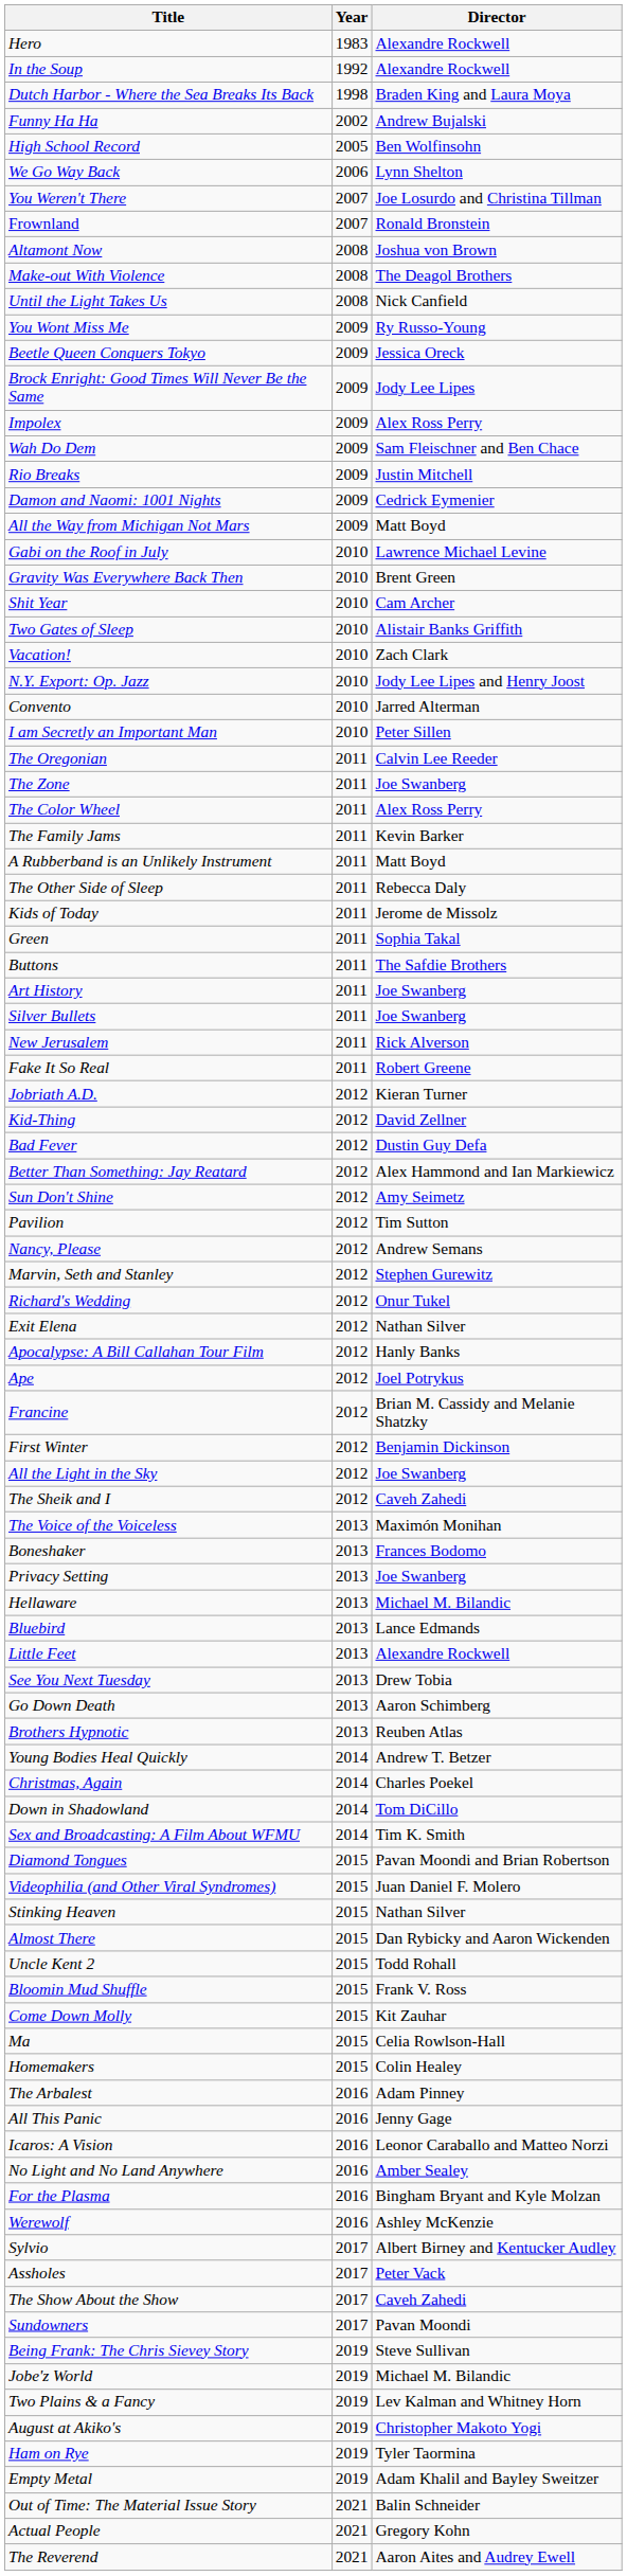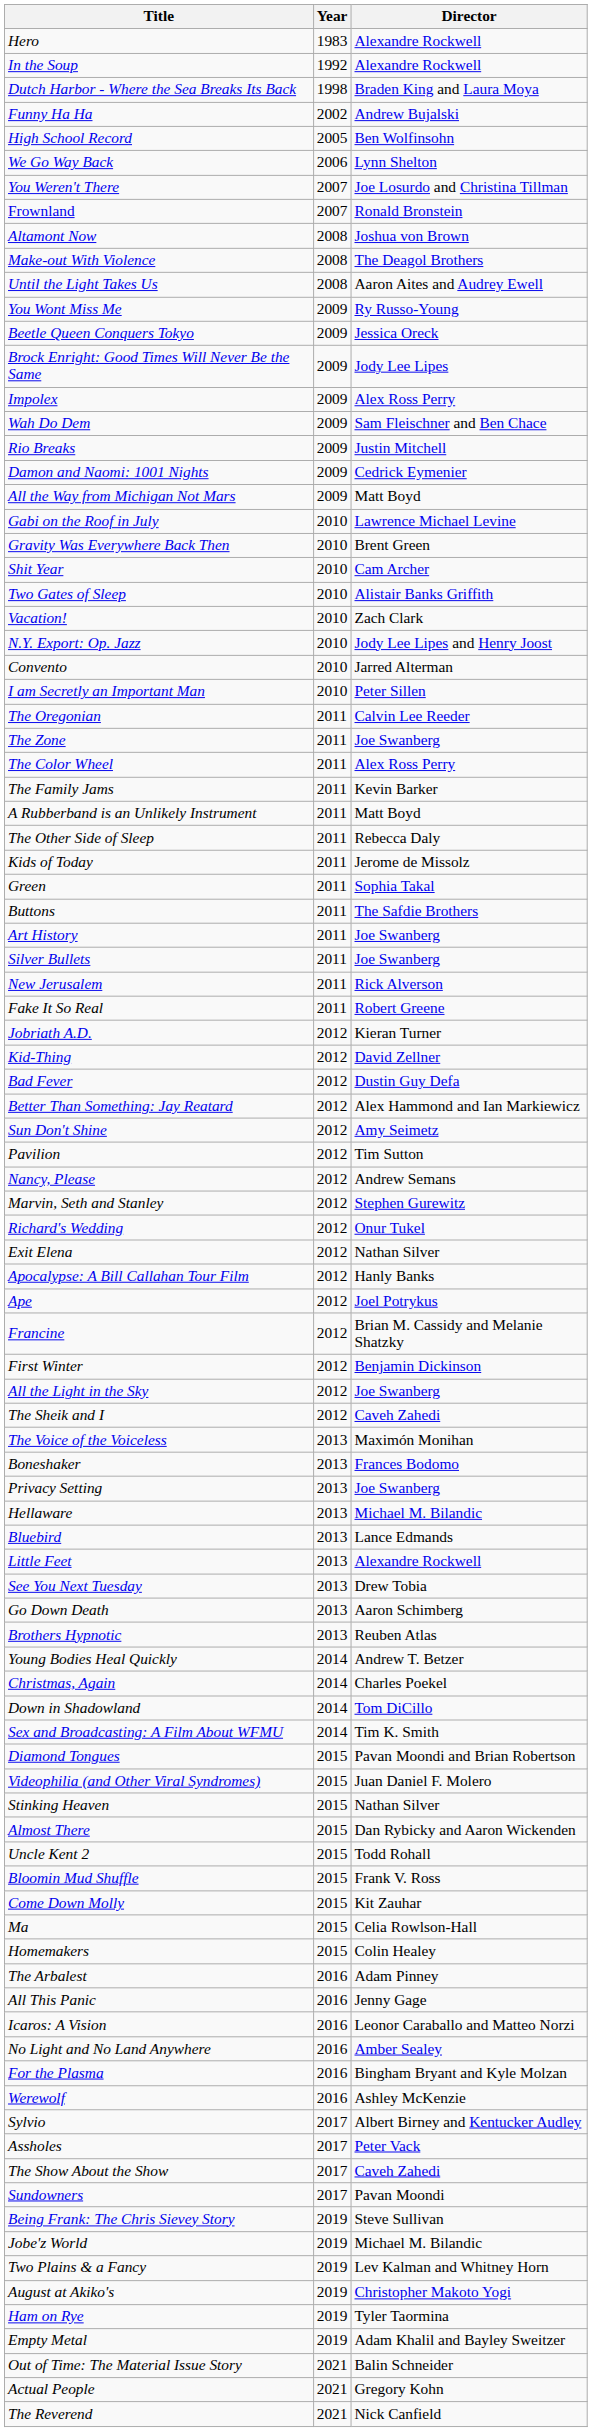 <table class="wikitable">
 <tr>
 <th>Title</th>
 <th>Year</th>
 <th>Director</th>
 </tr>
 <tr>
 <td><em>Hero</em></td>
 <td>1983</td>
 <td><a href='#'>Alexandre Rockwell</a></td>
 </tr>
 <tr>
 <td><em><a href='#'>In the Soup</a></em></td>
 <td>1992</td>
 <td><a href='#'>Alexandre Rockwell</a></td>
 </tr>
 <tr>
 <td><em><a href='#'>Dutch Harbor - Where the Sea Breaks Its Back</a></em></td>
 <td>1998</td>
 <td><a href='#'>Braden King</a> and <a href='#'>Laura Moya</a></td>
 </tr>
 <tr>
 <td><em><a href='#'>Funny Ha Ha</a></em></td>
 <td>2002</td>
 <td><a href='#'>Andrew Bujalski</a></td>
 </tr>
 <tr>
 <td><em><a href='#'>High School Record</a></em></td>
 <td>2005</td>
 <td><a href='#'>Ben Wolfinsohn</a></td>
 </tr>
 <tr>
 <td><em><a href='#'>We Go Way Back</a></em></td>
 <td>2006</td>
 <td><a href='#'>Lynn Shelton</a></td>
 </tr>
 <tr>
 <td><em><a href='#'>You Weren't There</a></em></td>
 <td>2007</td>
 <td><a href='#'>Joe Losurdo</a> and <a href='#'>Christina Tillman</a></td>
 </tr>
 <tr>
 <td><a href='#'>Frownland</a></td>
 <td>2007</td>
 <td><a href='#'>Ronald Bronstein</a></td>
 </tr>
 <tr>
 <td><em><a href='#'>Altamont Now</a></em></td>
 <td>2008</td>
 <td><a href='#'>Joshua von Brown</a></td>
 </tr>
 <tr>
 <td><em><a href='#'>Make-out With Violence</a></em></td>
 <td>2008</td>
 <td><a href='#'>The Deagol Brothers</a></td>
 </tr>
 <tr>
 <td><em><a href='#'>Until the Light Takes Us</a></em></td>
 <td>2008</td>
-<td>Nick Canfield</td>
+<td>Aaron Aites and <a href='#'>Audrey Ewell</a></td>
 </tr>
 <tr>
 <td><em><a href='#'>You Wont Miss Me</a></em></td>
 <td>2009</td>
 <td><a href='#'>Ry Russo-Young</a></td>
 </tr>
 <tr>
 <td><em><a href='#'>Beetle Queen Conquers Tokyo</a></em></td>
 <td>2009</td>
 <td><a href='#'>Jessica Oreck</a></td>
 </tr>
 <tr>
 <td><em><a href='#'>Brock Enright: Good Times Will Never Be the Same</a></em></td>
 <td>2009</td>
 <td><a href='#'>Jody Lee Lipes</a></td>
 </tr>
 <tr>
 <td><em><a href='#'>Impolex</a></em></td>
 <td>2009</td>
 <td><a href='#'>Alex Ross Perry</a></td>
 </tr>
 <tr>
 <td><em><a href='#'>Wah Do Dem</a></em></td>
 <td>2009</td>
 <td><a href='#'>Sam Fleischner</a> and <a href='#'>Ben Chace</a></td>
 </tr>
 <tr>
 <td><em><a href='#'>Rio Breaks</a></em></td>
 <td>2009</td>
 <td><a href='#'>Justin Mitchell</a></td>
 </tr>
 <tr>
 <td><em><a href='#'>Damon and Naomi: 1001 Nights</a></em></td>
 <td>2009</td>
 <td><a href='#'>Cedrick Eymenier</a></td>
 </tr>
 <tr>
 <td><em><a href='#'>All the Way from Michigan Not Mars</a></em></td>
 <td>2009</td>
 <td>Matt Boyd</td>
 </tr>
 <tr>
 <td><em><a href='#'>Gabi on the Roof in July</a></em></td>
 <td>2010</td>
 <td><a href='#'>Lawrence Michael Levine</a></td>
 </tr>
 <tr>
 <td><em><a href='#'>Gravity Was Everywhere Back Then</a></em></td>
 <td>2010</td>
 <td>Brent Green</td>
 </tr>
 <tr>
 <td><em><a href='#'>Shit Year</a></em></td>
 <td>2010</td>
 <td><a href='#'>Cam Archer</a></td>
 </tr>
 <tr>
 <td><em><a href='#'>Two Gates of Sleep</a></em></td>
 <td>2010</td>
 <td><a href='#'>Alistair Banks Griffith</a></td>
 </tr>
 <tr>
 <td><em><a href='#'>Vacation!</a></em></td>
 <td>2010</td>
 <td>Zach Clark</td>
 </tr>
 <tr>
 <td><em><a href='#'>N.Y. Export: Op. Jazz</a></em></td>
 <td>2010</td>
 <td><a href='#'>Jody Lee Lipes</a> and <a href='#'>Henry Joost</a></td>
 </tr>
 <tr>
 <td><em>Convento</em></td>
 <td>2010</td>
 <td>Jarred Alterman</td>
 </tr>
 <tr>
 <td><em><a href='#'>I am Secretly an Important Man</a></em></td>
 <td>2010</td>
 <td><a href='#'>Peter Sillen</a></td>
 </tr>
 <tr>
 <td><em><a href='#'>The Oregonian</a></em></td>
 <td>2011</td>
 <td><a href='#'>Calvin Lee Reeder</a></td>
 </tr>
 <tr>
 <td><em><a href='#'>The Zone</a></em></td>
 <td>2011</td>
 <td><a href='#'>Joe Swanberg</a></td>
 </tr>
 <tr>
 <td><em><a href='#'>The Color Wheel</a></em></td>
 <td>2011</td>
 <td><a href='#'>Alex Ross Perry</a></td>
 </tr>
 <tr>
 <td><em>The Family Jams</em></td>
 <td>2011</td>
 <td>Kevin Barker</td>
 </tr>
 <tr>
 <td><em>A Rubberband is an Unlikely Instrument</em></td>
 <td>2011</td>
 <td>Matt Boyd</td>
 </tr>
 <tr>
 <td><em>The Other Side of Sleep</em></td>
 <td>2011</td>
 <td>Rebecca Daly</td>
 </tr>
 <tr>
 <td><em>Kids of Today</em></td>
 <td>2011</td>
 <td>Jerome de Missolz</td>
 </tr>
 <tr>
 <td><em>Green</em></td>
 <td>2011</td>
 <td><a href='#'>Sophia Takal</a></td>
 </tr>
 <tr>
 <td><em>Buttons</em></td>
 <td>2011</td>
 <td><a href='#'>The Safdie Brothers</a></td>
 </tr>
 <tr>
 <td><em><a href='#'>Art History</a></em></td>
 <td>2011</td>
 <td><a href='#'>Joe Swanberg</a></td>
 </tr>
 <tr>
 <td><em><a href='#'>Silver Bullets</a></em></td>
 <td>2011</td>
 <td><a href='#'>Joe Swanberg</a></td>
 </tr>
 <tr>
 <td><em><a href='#'>New Jerusalem</a></em></td>
 <td>2011</td>
 <td><a href='#'>Rick Alverson</a></td>
 </tr>
 <tr>
 <td><em>Fake It So Real</em></td>
 <td>2011</td>
 <td><a href='#'>Robert Greene</a></td>
 </tr>
 <tr>
 <td><em><a href='#'>Jobriath A.D.</a></em></td>
 <td>2012</td>
 <td>Kieran Turner</td>
 </tr>
 <tr>
 <td><em><a href='#'>Kid-Thing</a></em></td>
 <td>2012</td>
 <td><a href='#'>David Zellner</a></td>
 </tr>
 <tr>
 <td><em><a href='#'>Bad Fever</a></em></td>
 <td>2012</td>
 <td><a href='#'>Dustin Guy Defa</a></td>
 </tr>
 <tr>
 <td><em><a href='#'>Better Than Something: Jay Reatard</a></em></td>
 <td>2012</td>
 <td>Alex Hammond and Ian Markiewicz</td>
 </tr>
 <tr>
 <td><em><a href='#'>Sun Don't Shine</a></em></td>
 <td>2012</td>
 <td><a href='#'>Amy Seimetz</a></td>
 </tr>
 <tr>
 <td><em>Pavilion</em></td>
 <td>2012</td>
 <td>Tim Sutton</td>
 </tr>
 <tr>
 <td><em><a href='#'>Nancy, Please</a></em></td>
 <td>2012</td>
 <td>Andrew Semans</td>
 </tr>
 <tr>
 <td><em>Marvin, Seth and Stanley</em></td>
 <td>2012</td>
 <td><a href='#'>Stephen Gurewitz</a></td>
 </tr>
 <tr>
 <td><em><a href='#'>Richard's Wedding</a></em></td>
 <td>2012</td>
 <td><a href='#'>Onur Tukel</a></td>
 </tr>
 <tr>
 <td><em>Exit Elena</em></td>
 <td>2012</td>
 <td>Nathan Silver</td>
 </tr>
 <tr>
 <td><em><a href='#'>Apocalypse: A Bill Callahan Tour Film</a></em></td>
 <td>2012</td>
 <td>Hanly Banks</td>
 </tr>
 <tr>
 <td><em><a href='#'>Ape</a></em></td>
 <td>2012</td>
 <td><a href='#'>Joel Potrykus</a></td>
 </tr>
 <tr>
 <td><em><a href='#'>Francine</a></em></td>
 <td>2012</td>
 <td>Brian M. Cassidy and Melanie Shatzky</td>
 </tr>
 <tr>
 <td><em>First Winter</em></td>
 <td>2012</td>
 <td><a href='#'>Benjamin Dickinson</a></td>
 </tr>
 <tr>
 <td><em><a href='#'>All the Light in the Sky</a></em></td>
 <td>2012</td>
 <td><a href='#'>Joe Swanberg</a></td>
 </tr>
 <tr>
 <td><em>The Sheik and I</em></td>
 <td>2012</td>
 <td><a href='#'>Caveh Zahedi</a></td>
 </tr>
 <tr>
 <td><em><a href='#'>The Voice of the Voiceless</a></em></td>
 <td>2013</td>
 <td>Maximón Monihan</td>
 </tr>
 <tr>
 <td><em>Boneshaker</em></td>
 <td>2013</td>
 <td><a href='#'>Frances Bodomo</a></td>
 </tr>
 <tr>
 <td><em>Privacy Setting</em></td>
 <td>2013</td>
 <td><a href='#'>Joe Swanberg</a></td>
 </tr>
 <tr>
 <td><em>Hellaware</em></td>
 <td>2013</td>
 <td><a href='#'>Michael M. Bilandic</a></td>
 </tr>
 <tr>
 <td><em><a href='#'>Bluebird</a></em></td>
 <td>2013</td>
 <td>Lance Edmands</td>
 </tr>
 <tr>
 <td><em><a href='#'>Little Feet</a></em></td>
 <td>2013</td>
 <td><a href='#'>Alexandre Rockwell</a></td>
 </tr>
 <tr>
 <td><em><a href='#'>See You Next Tuesday</a></em></td>
 <td>2013</td>
 <td>Drew Tobia</td>
 </tr>
 <tr>
 <td><em>Go Down Death</em></td>
 <td>2013</td>
 <td>Aaron Schimberg</td>
 </tr>
 <tr>
 <td><em><a href='#'>Brothers Hypnotic</a></em></td>
 <td>2013</td>
 <td>Reuben Atlas</td>
 </tr>
 <tr>
 <td><em>Young Bodies Heal Quickly</em></td>
 <td>2014</td>
 <td>Andrew T. Betzer</td>
 </tr>
 <tr>
 <td><em><a href='#'>Christmas, Again</a></em></td>
 <td>2014</td>
 <td>Charles Poekel</td>
 </tr>
 <tr>
 <td><em>Down in Shadowland</em></td>
 <td>2014</td>
 <td><a href='#'>Tom DiCillo</a></td>
 </tr>
 <tr>
 <td><em><a href='#'>Sex and Broadcasting: A Film About WFMU</a></em></td>
 <td>2014</td>
 <td>Tim K. Smith</td>
 </tr>
 <tr>
 <td><em><a href='#'>Diamond Tongues</a></em></td>
 <td>2015</td>
 <td>Pavan Moondi and Brian Robertson</td>
 </tr>
 <tr>
 <td><em><a href='#'>Videophilia (and Other Viral Syndromes)</a></em></td>
 <td>2015</td>
 <td>Juan Daniel F. Molero</td>
 </tr>
 <tr>
 <td><em>Stinking Heaven</em></td>
 <td>2015</td>
 <td>Nathan Silver</td>
 </tr>
 <tr>
 <td><em><a href='#'>Almost There</a></em></td>
 <td>2015</td>
 <td>Dan Rybicky and Aaron Wickenden</td>
 </tr>
 <tr>
 <td><em>Uncle Kent 2</em></td>
 <td>2015</td>
 <td>Todd Rohall</td>
 </tr>
 <tr>
 <td><em><a href='#'>Bloomin Mud Shuffle</a></em></td>
 <td>2015</td>
 <td>Frank V. Ross</td>
 </tr>
 <tr>
 <td><em><a href='#'>Come Down Molly</a></em></td>
 <td>2015</td>
 <td>Kit Zauhar</td>
 </tr>
 <tr>
 <td><em>Ma</em></td>
 <td>2015</td>
 <td>Celia Rowlson-Hall</td>
 </tr>
 <tr>
 <td><em>Homemakers</em></td>
 <td>2015</td>
 <td>Colin Healey</td>
 </tr>
 <tr>
 <td><em>The Arbalest</em></td>
 <td>2016</td>
 <td>Adam Pinney</td>
 </tr>
 <tr>
 <td><em>All This Panic</em></td>
 <td>2016</td>
 <td>Jenny Gage</td>
 </tr>
 <tr>
 <td><em>Icaros: A Vision</em></td>
 <td>2016</td>
 <td>Leonor Caraballo and Matteo Norzi</td>
 </tr>
 <tr>
 <td><em>No Light and No Land Anywhere</em></td>
 <td>2016</td>
 <td><a href='#'>Amber Sealey</a></td>
 </tr>
 <tr>
 <td><em><a href='#'>For the Plasma</a></em></td>
 <td>2016</td>
 <td>Bingham Bryant and Kyle Molzan</td>
 </tr>
 <tr>
 <td><em><a href='#'>Werewolf</a></em></td>
 <td>2016</td>
 <td>Ashley McKenzie</td>
 </tr>
 <tr>
 <td><em>Sylvio</em></td>
 <td>2017</td>
 <td>Albert Birney and <a href='#'>Kentucker Audley</a></td>
 </tr>
 <tr>
 <td><em>Assholes</em></td>
 <td>2017</td>
 <td><a href='#'>Peter Vack</a></td>
 </tr>
 <tr>
 <td><em>The Show About the Show</em></td>
 <td>2017</td>
 <td><a href='#'>Caveh Zahedi</a></td>
 </tr>
 <tr>
 <td><em><a href='#'>Sundowners</a></em></td>
 <td>2017</td>
 <td>Pavan Moondi</td>
 </tr>
 <tr>
 <td><em><a href='#'>Being Frank: The Chris Sievey Story</a></em></td>
 <td>2019</td>
 <td>Steve Sullivan</td>
 </tr>
 <tr>
 <td><em>Jobe'z World</em></td>
 <td>2019</td>
 <td>Michael M. Bilandic</td>
 </tr>
 <tr>
 <td><em>Two Plains & a Fancy</em></td>
 <td>2019</td>
 <td>Lev Kalman and Whitney Horn</td>
 </tr>
 <tr>
 <td><em>August at Akiko's</em></td>
 <td>2019</td>
 <td><a href='#'>Christopher Makoto Yogi</a></td>
 </tr>
 <tr>
 <td><em><a href='#'>Ham on Rye</a></em></td>
 <td>2019</td>
 <td>Tyler Taormina</td>
 </tr>
 <tr>
 <td><em>Empty Metal</em></td>
 <td>2019</td>
 <td>Adam Khalil and Bayley Sweitzer</td>
 </tr>
 <tr>
 <td><em>Out of Time: The Material Issue Story</em></td>
 <td>2021</td>
 <td>Balin Schneider</td>
 </tr>
 <tr>
 <td><em>Actual People</em></td>
 <td>2021</td>
 <td>Gregory Kohn</td>
 </tr>
 <tr>
 <td><em>The Reverend</em></td>
 <td>2021</td>
-<td>Aaron Aites and <a href='#'>Audrey Ewell</a></td>
+<td>Nick Canfield</td>
 </tr>
 </table>
